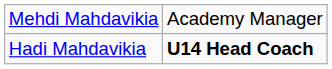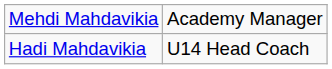 <table class="wikitable sortable">
 <tr>
 <td><a href='#'>Mehdi Mahdavikia</a></td>
 <td>Academy Manager</td>
 </tr>
 <tr>
 <td><a href='#'>Hadi Mahdavikia</a></td>
-<td><strong>U14 Head Coach</strong></td>
+<td>U14 Head Coach</td>
 </tr>
 </table>
